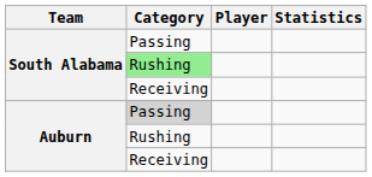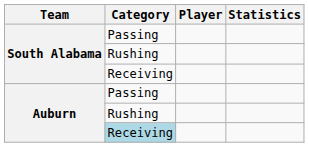 <table class="wikitable" style="float:right">
 <tr>
 <th>Team</th>
 <th>Category</th>
 <th>Player</th>
 <th>Statistics</th>
 </tr>
 <tr>
 <th rowspan=3>South Alabama</th>
 <td>Passing</td>
 <td></td>
 <td></td>
 </tr>
 <tr>
-<td style="background: lightgreen;">Rushing</td>
+<td>Rushing</td>
 <td></td>
 <td></td>
 </tr>
 <tr>
 <td>Receiving</td>
 <td></td>
 <td></td>
 </tr>
 <tr>
 <th rowspan=3>Auburn</th>
-<td style="background: lightgrey;">Passing</td>
+<td>Passing</td>
 <td></td>
 <td></td>
 </tr>
 <tr>
 <td>Rushing</td>
 <td></td>
 <td></td>
 </tr>
 <tr>
-<td>Receiving</td>
+<td style="background: lightblue;">Receiving</td>
 <td></td>
 <td></td>
 </tr>
 </table>
